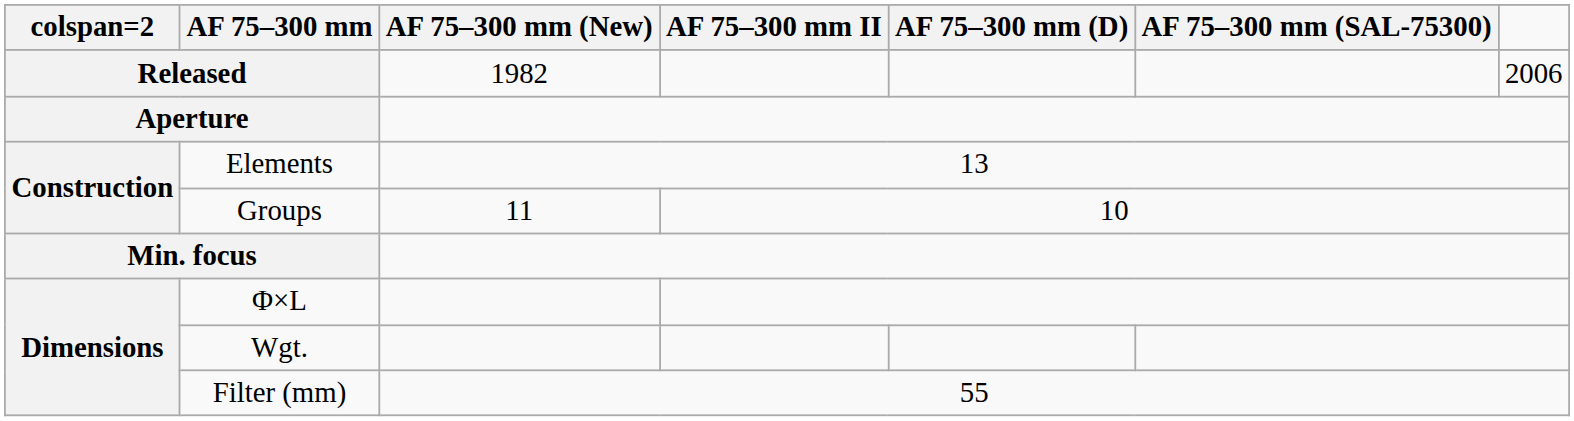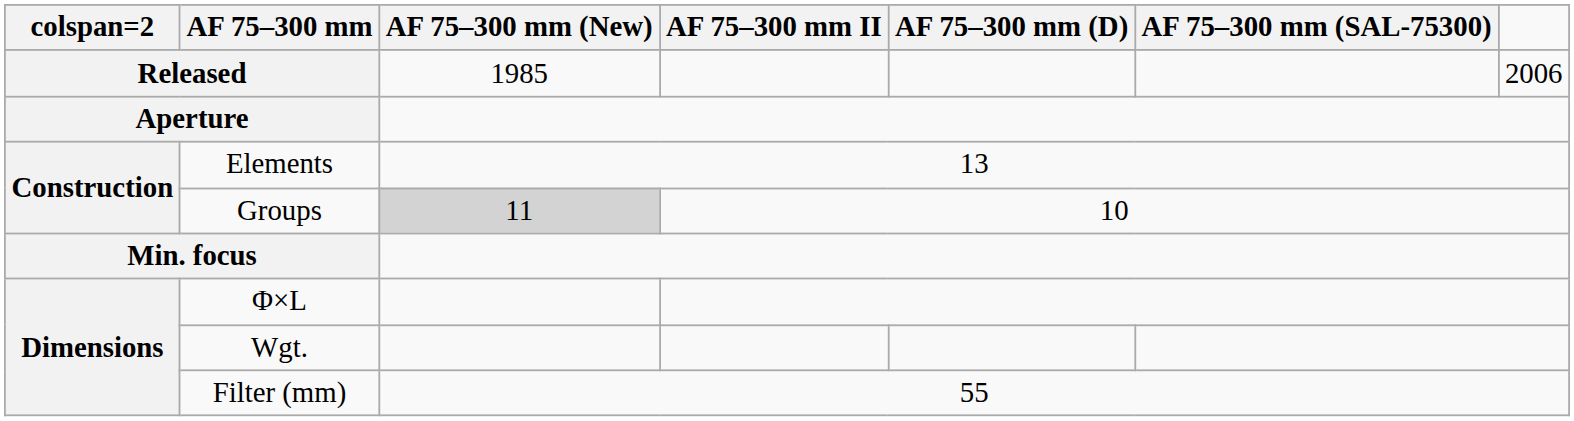 <table class="wikitable" style="font-size:100%;text-align:center;">
 <tr>
 <th>colspan=2 </th>
 <th>AF 75–300 mm </th>
 <th>AF 75–300 mm  (New)</th>
 <th>AF 75–300 mm  II</th>
 <th>AF 75–300 mm  (D)</th>
 <th>AF 75–300 mm  (SAL-75300)</th>
 </tr>
 <tr>
 <th colspan=2>Released</th>
-<td>1982</td>
+<td>1985</td>
 <td></td>
 <td></td>
 <td></td>
 <td>2006</td>
 </tr>
 <tr>
 <th colspan=2>Aperture</th>
 <td colspan=5></td>
 </tr>
 <tr>
 <th rowspan=2>Construction</th>
 <td>Elements</td>
 <td colspan=5>13</td>
 </tr>
 <tr>
 <td>Groups</td>
-<td>11</td>
+<td style="background: lightgrey;">11</td>
 <td colspan=4>10</td>
 </tr>
 <tr>
 <th colspan=2>Min. focus</th>
 <td colspan=5></td>
 </tr>
 <tr>
 <th rowspan=3>Dimensions</th>
 <td>Φ×L</td>
 <td></td>
 <td colspan=4></td>
 </tr>
 <tr>
 <td>Wgt.</td>
 <td></td>
 <td></td>
 <td></td>
 <td colspan=2></td>
 </tr>
 <tr>
 <td>Filter (mm)</td>
 <td colspan=5>55</td>
 </tr>
 </table>
